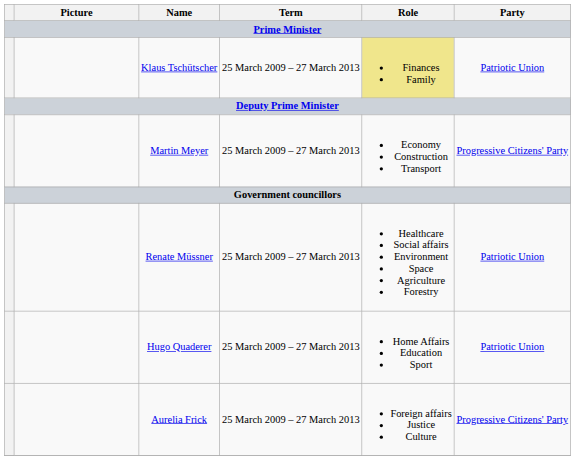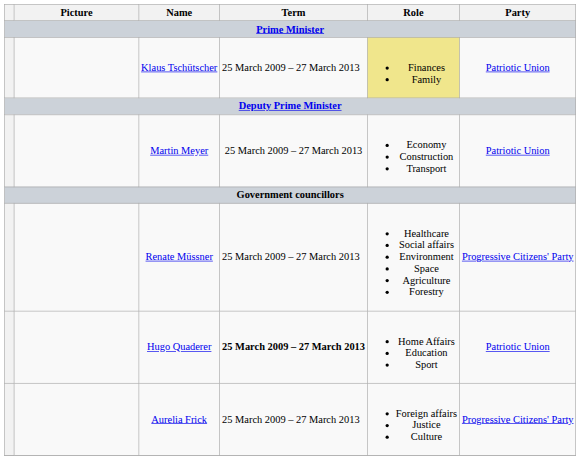 <table class="wikitable" style="text-align:center">
 <tr>
 <th style="width: 0.5em"></th>
 <th style="width: 11.5em">Picture</th>
 <th>Name</th>
 <th>Term</th>
 <th>Role</th>
 <th>Party</th>
 </tr>
 <tr>
 <th colspan="7" style="background:#CCD2D9"><a href='#'>Prime Minister</a></th>
 </tr>
 <tr>
 <th style="background:"></th>
 <td></td>
 <td><a href='#'>Klaus Tschütscher</a></td>
 <td style="text-align:left">25 March 2009 – 27 March 2013</td>
 <td style="background: khaki;"><br><ul><li>Finances</li><li>Family</li></ul></td>
 <td><a href='#'>Patriotic Union</a></td>
 </tr>
 <tr>
 <th colspan="7" style="background:#CCD2D9"><a href='#'>Deputy Prime Minister</a></th>
 </tr>
 <tr>
 <th style="background:"></th>
 <td></td>
 <td><a href='#'>Martin Meyer</a></td>
 <td>25 March 2009 – 27 March 2013</td>
 <td><br><ul><li>Economy</li><li>Construction</li><li>Transport</li></ul></td>
-<td><a href='#'>Progressive Citizens' Party</a></td>
+<td><a href='#'>Patriotic Union</a></td>
 </tr>
 <tr>
 <th colspan="7" style="background:#CCD2D9">Government councillors</th>
 </tr>
 <tr>
 <th style="background:"></th>
 <td></td>
 <td><a href='#'>Renate Müssner</a></td>
 <td style="text-align:left">25 March 2009 – 27 March 2013</td>
 <td><br><ul><li>Healthcare</li><li>Social affairs</li><li>Environment</li><li>Space</li><li>Agriculture</li><li>Forestry</li></ul></td>
-<td><a href='#'>Patriotic Union</a></td>
+<td><a href='#'>Progressive Citizens' Party</a></td>
 </tr>
 <tr>
 <th style="background:"></th>
 <td></td>
 <td><a href='#'>Hugo Quaderer</a></td>
-<td>25 March 2009 – 27 March 2013</td>
+<td><strong>25 March 2009 – 27 March 2013</strong></td>
 <td><br><ul><li>Home Affairs</li><li>Education</li><li>Sport</li></ul></td>
 <td><a href='#'>Patriotic Union</a></td>
 </tr>
 <tr>
 <th style="background:"></th>
 <td></td>
 <td><a href='#'>Aurelia Frick</a></td>
 <td style="text-align:left">25 March 2009 – 27 March 2013</td>
 <td><br><ul><li>Foreign affairs</li><li>Justice</li><li>Culture</li></ul></td>
 <td><a href='#'>Progressive Citizens' Party</a></td>
 </tr>
 <tr>
 </tr>
 </table>
